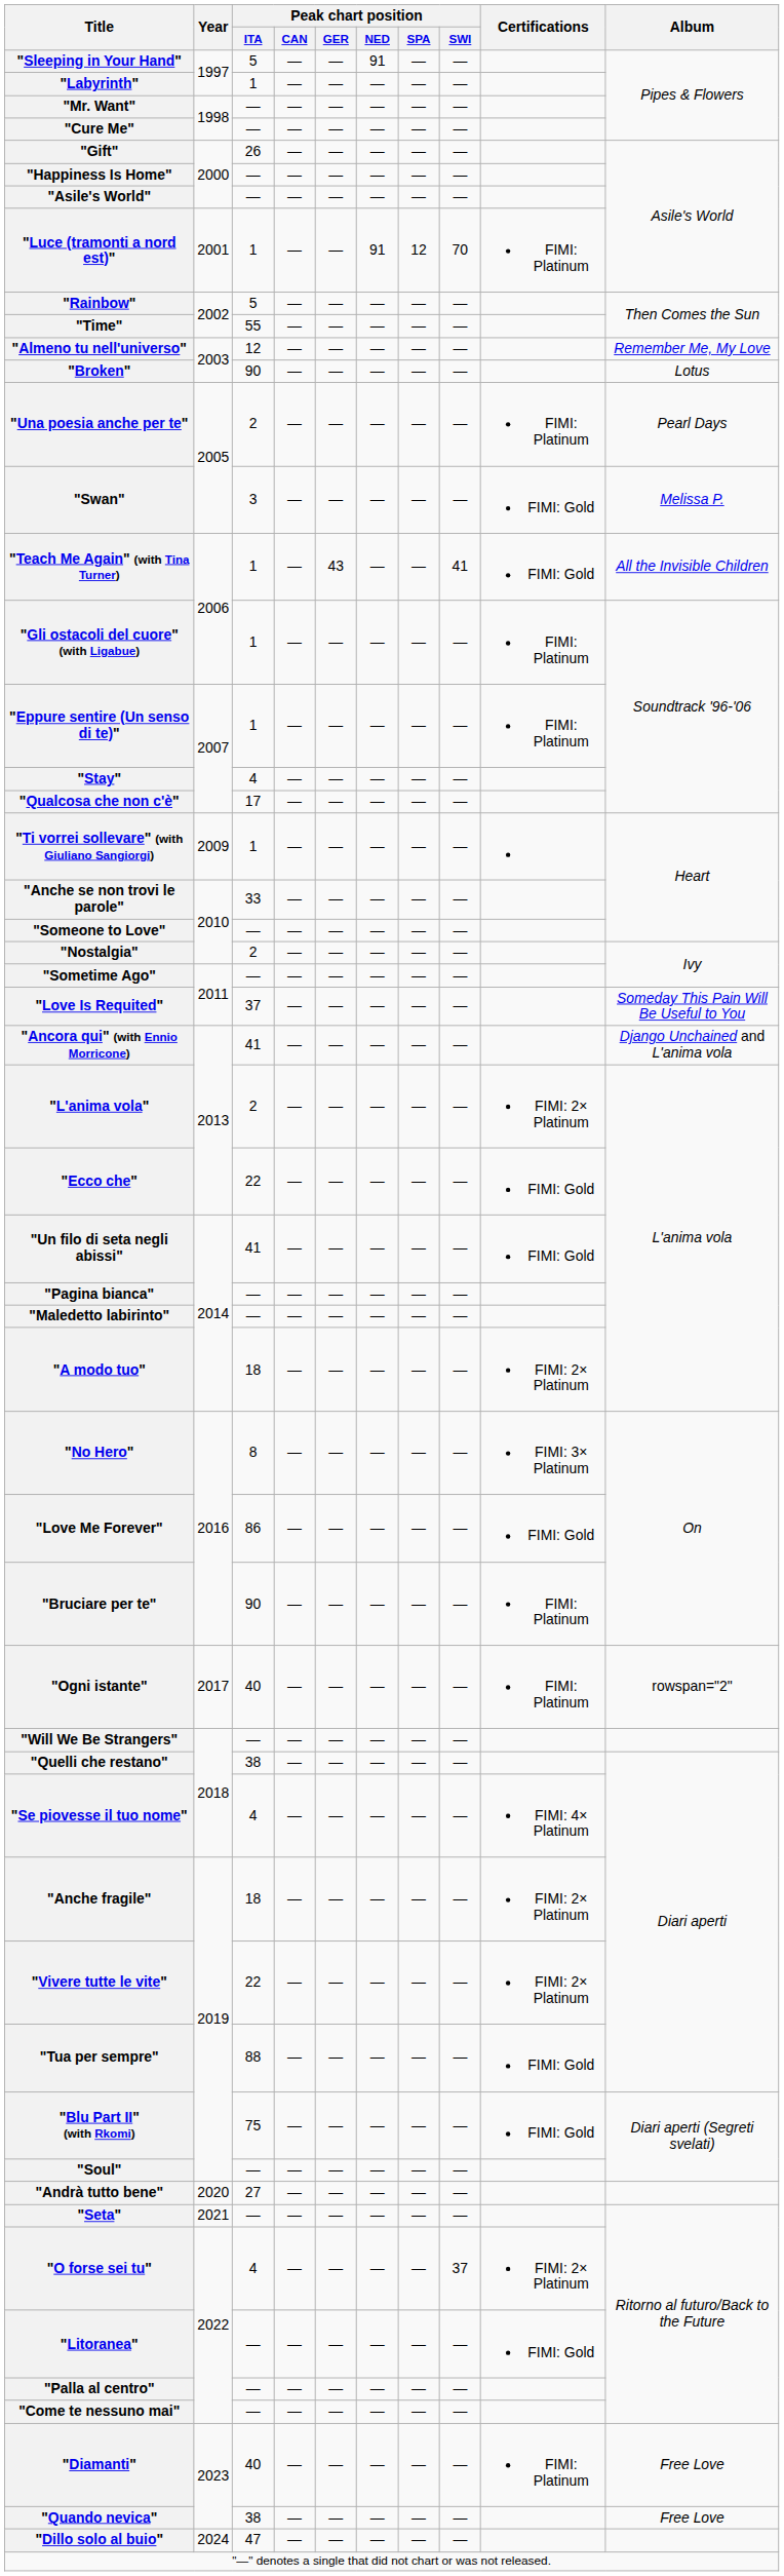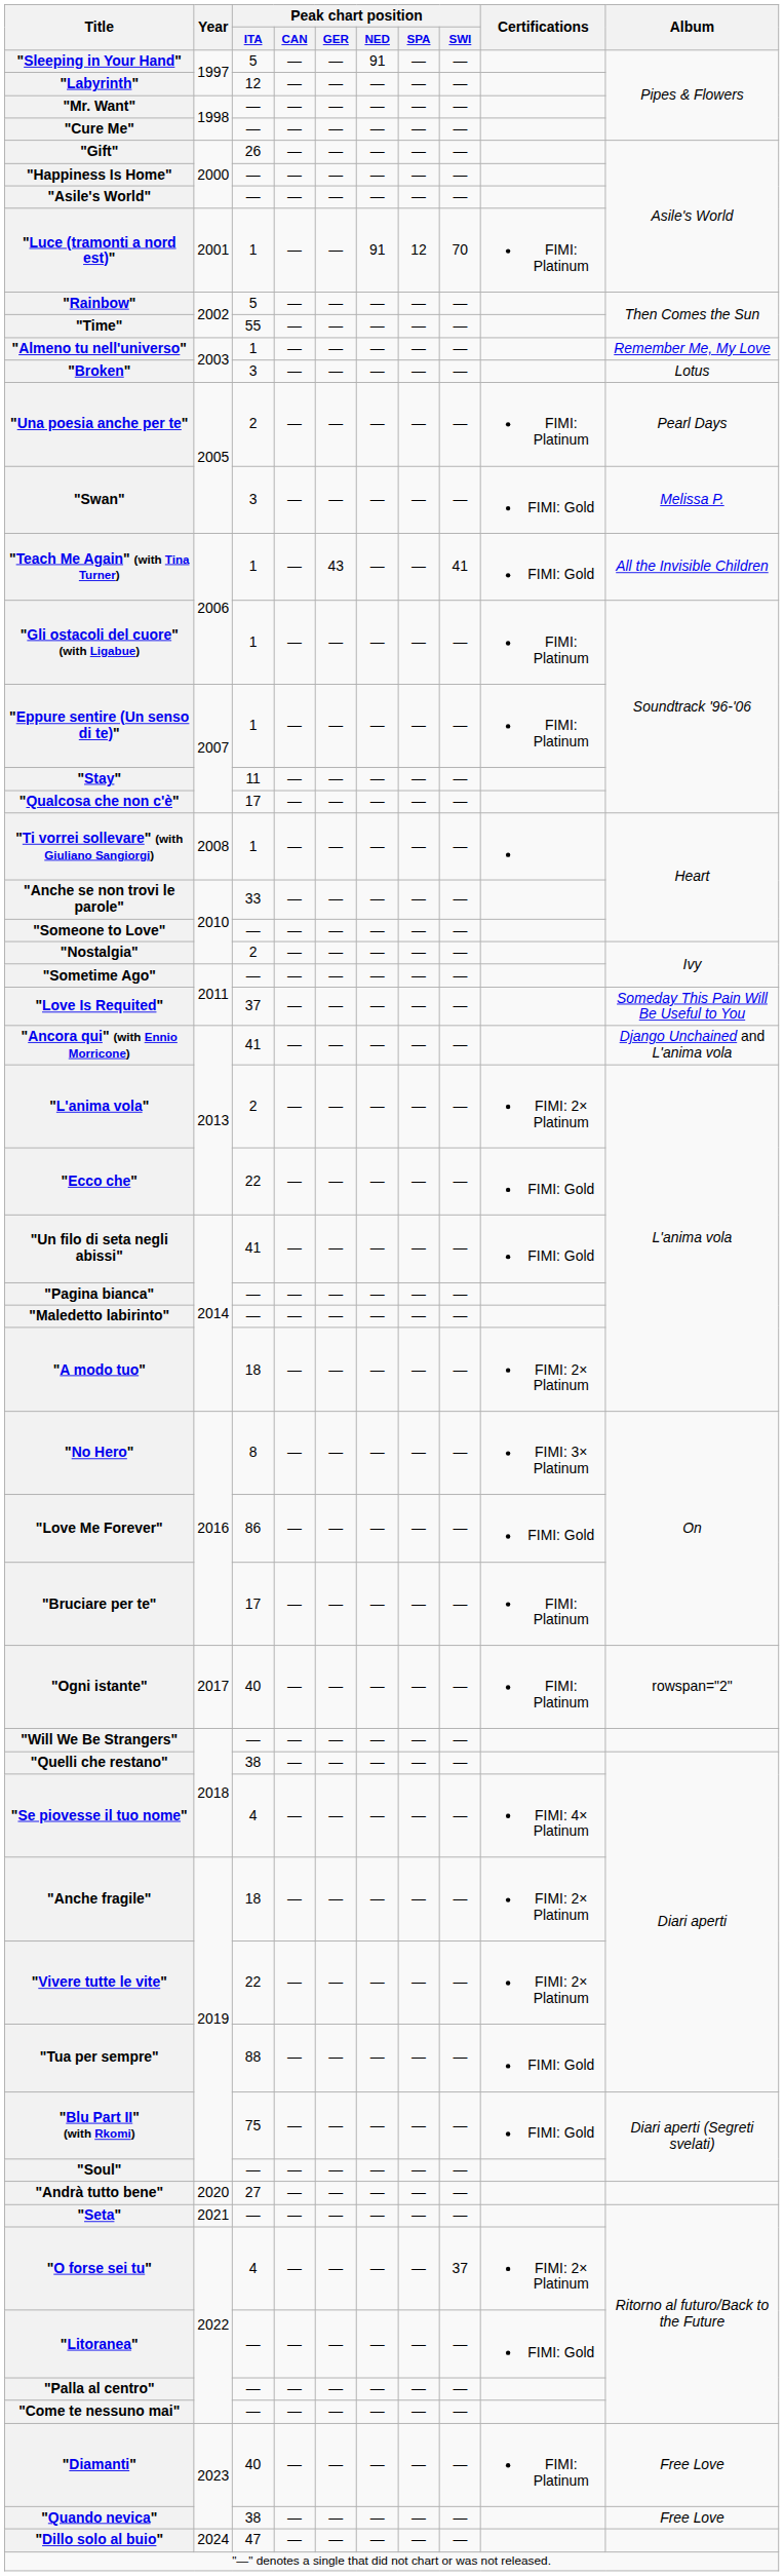 <table class="wikitable plainrowheaders" style="text-align:center;">
 <tr>
 <th rowspan="2">Title</th>
 <th rowspan="2">Year</th>
 <th colspan="6">Peak chart position</th>
 <th rowspan="2">Certifications</th>
 <th rowspan="2">Album</th>
 </tr>
 <tr>
 <th width="39"><small><a href='#'>ITA</a></small><br></th>
 <th width="39"><small><a href='#'>CAN</a></small></th>
 <th width="39"><small><a href='#'>GER</a></small></th>
 <th width="39"><small><a href='#'>NED</a></small></th>
 <th width="39"><small><a href='#'>SPA</a></small></th>
 <th width="39"><small><a href='#'>SWI</a></small></th>
 </tr>
 <tr>
 <th scope="row">"<a href='#'>Sleeping in Your Hand</a>"</th>
 <td rowspan="2">1997</td>
 <td>5</td>
 <td>—</td>
 <td>—</td>
 <td>91</td>
 <td>—</td>
 <td>—</td>
 <td></td>
 <td rowspan="4"><em>Pipes & Flowers</em></td>
 </tr>
 <tr>
 <th scope="row">"<a href='#'>Labyrinth</a>"</th>
-<td>1</td>
+<td>12</td>
 <td>—</td>
 <td>—</td>
 <td>—</td>
 <td>—</td>
 <td>—</td>
 <td></td>
 </tr>
 <tr>
 <th scope="row">"Mr. Want"</th>
 <td rowspan="2">1998</td>
 <td>—</td>
 <td>—</td>
 <td>—</td>
 <td>—</td>
 <td>—</td>
 <td>—</td>
 <td></td>
 </tr>
 <tr>
 <th scope="row">"Cure Me"</th>
 <td>—</td>
 <td>—</td>
 <td>—</td>
 <td>—</td>
 <td>—</td>
 <td>—</td>
 <td></td>
 </tr>
 <tr>
 <th scope="row">"Gift"</th>
 <td rowspan="3">2000</td>
 <td>26</td>
 <td>—</td>
 <td>—</td>
 <td>—</td>
 <td>—</td>
 <td>—</td>
 <td></td>
 <td rowspan="4"><em>Asile's World</em></td>
 </tr>
 <tr>
 <th scope="row">"Happiness Is Home"</th>
 <td>—</td>
 <td>—</td>
 <td>—</td>
 <td>—</td>
 <td>—</td>
 <td>—</td>
 <td></td>
 </tr>
 <tr>
 <th scope="row">"Asile's World"</th>
 <td>—</td>
 <td>—</td>
 <td>—</td>
 <td>—</td>
 <td>—</td>
 <td>—</td>
 <td></td>
 </tr>
 <tr>
 <th scope="row">"<a href='#'>Luce (tramonti a nord est)</a>"</th>
 <td>2001</td>
 <td>1</td>
 <td>—</td>
 <td>—</td>
 <td>91</td>
 <td>12</td>
 <td>70</td>
 <td><br><ul><li>FIMI: Platinum</li></ul></td>
 </tr>
 <tr>
 <th scope="row">"<a href='#'>Rainbow</a>"</th>
 <td rowspan="2">2002</td>
 <td>5</td>
 <td>—</td>
 <td>—</td>
 <td>—</td>
 <td>—</td>
 <td>—</td>
 <td></td>
 <td rowspan="2"><em>Then Comes the Sun</em></td>
 </tr>
 <tr>
 <th scope="row">"Time"</th>
 <td>55</td>
 <td>—</td>
 <td>—</td>
 <td>—</td>
 <td>—</td>
 <td>—</td>
 <td></td>
 </tr>
 <tr>
 <th scope="row">"<a href='#'>Almeno tu nell'universo</a>"</th>
 <td rowspan="2">2003</td>
-<td>12</td>
+<td>1</td>
 <td>—</td>
 <td>—</td>
 <td>—</td>
 <td>—</td>
 <td>—</td>
 <td></td>
 <td><em><a href='#'>Remember Me, My Love</a></em></td>
 </tr>
 <tr>
 <th scope="row">"<a href='#'>Broken</a>"</th>
-<td>90</td>
+<td>3</td>
 <td>—</td>
 <td>—</td>
 <td>—</td>
 <td>—</td>
 <td>—</td>
 <td></td>
 <td><em>Lotus</em></td>
 </tr>
 <tr>
 <th scope="row">"<a href='#'>Una poesia anche per te</a>"</th>
 <td rowspan="2">2005</td>
 <td>2</td>
 <td>—</td>
 <td>—</td>
 <td>—</td>
 <td>—</td>
 <td>—</td>
 <td><br><ul><li>FIMI: Platinum</li></ul></td>
 <td><em>Pearl Days</em></td>
 </tr>
 <tr>
 <th scope="row">"Swan"</th>
 <td>3</td>
 <td>—</td>
 <td>—</td>
 <td>—</td>
 <td>—</td>
 <td>—</td>
 <td><br><ul><li>FIMI: Gold</li></ul></td>
 <td><em><a href='#'>Melissa P.</a></em></td>
 </tr>
 <tr>
 <th scope="row">"<a href='#'>Teach Me Again</a>" <small>(with <a href='#'>Tina Turner</a>)</small></th>
 <td rowspan="2">2006</td>
 <td>1</td>
 <td>—</td>
 <td>43</td>
 <td>—</td>
 <td>—</td>
 <td>41</td>
 <td><br><ul><li>FIMI: Gold</li></ul></td>
 <td><em><a href='#'>All the Invisible Children</a></em></td>
 </tr>
 <tr>
 <th scope="row">"<a href='#'>Gli ostacoli del cuore</a>" <small>(with <a href='#'>Ligabue</a>)</small></th>
 <td>1</td>
 <td>—</td>
 <td>—</td>
 <td>—</td>
 <td>—</td>
 <td>—</td>
 <td><br><ul><li>FIMI: Platinum</li></ul></td>
 <td rowspan="4"><em>Soundtrack '96-'06</em></td>
 </tr>
 <tr>
 <th scope="row">"<a href='#'>Eppure sentire (Un senso di te)</a>"</th>
 <td rowspan="3">2007</td>
 <td>1</td>
 <td>—</td>
 <td>—</td>
 <td>—</td>
 <td>—</td>
 <td>—</td>
 <td><br><ul><li>FIMI: Platinum</li></ul></td>
 </tr>
 <tr>
 <th scope="row">"<a href='#'>Stay</a>"</th>
-<td>4</td>
+<td>11</td>
 <td>—</td>
 <td>—</td>
 <td>—</td>
 <td>—</td>
 <td>—</td>
 <td></td>
 </tr>
 <tr>
 <th scope="row">"<a href='#'>Qualcosa che non c'è</a>"</th>
 <td>17</td>
 <td>—</td>
 <td>—</td>
 <td>—</td>
 <td>—</td>
 <td>—</td>
 <td></td>
 </tr>
 <tr>
 <th scope="row">"<a href='#'>Ti vorrei sollevare</a>" <small>(with <a href='#'>Giuliano Sangiorgi</a>)</small></th>
-<td>2009</td>
+<td>2008</td>
 <td>1</td>
 <td>—</td>
 <td>—</td>
 <td>—</td>
 <td>—</td>
 <td>—</td>
 <td><br><ul><li></li></ul></td>
 <td rowspan="3"><em>Heart</em></td>
 </tr>
 <tr>
 <th scope="row">"Anche se non trovi le parole"</th>
 <td rowspan="3">2010</td>
 <td>33</td>
 <td>—</td>
 <td>—</td>
 <td>—</td>
 <td>—</td>
 <td>—</td>
 <td></td>
 </tr>
 <tr>
 <th scope="row">"Someone to Love"</th>
 <td>—</td>
 <td>—</td>
 <td>—</td>
 <td>—</td>
 <td>—</td>
 <td>—</td>
 <td></td>
 </tr>
 <tr>
 <th scope="row">"Nostalgia"</th>
 <td>2</td>
 <td>—</td>
 <td>—</td>
 <td>—</td>
 <td>—</td>
 <td>—</td>
 <td></td>
 <td rowspan="2"><em>Ivy</em></td>
 </tr>
 <tr>
 <th scope="row">"Sometime Ago"</th>
 <td rowspan="2">2011</td>
 <td>—</td>
 <td>—</td>
 <td>—</td>
 <td>—</td>
 <td>—</td>
 <td>—</td>
 <td></td>
 </tr>
 <tr>
 <th scope="row">"<a href='#'>Love Is Requited</a>"</th>
 <td>37</td>
 <td>—</td>
 <td>—</td>
 <td>—</td>
 <td>—</td>
 <td>—</td>
 <td></td>
 <td><em><a href='#'>Someday This Pain Will Be Useful to You</a></em></td>
 </tr>
 <tr>
 <th scope="row">"<a href='#'>Ancora qui</a>" <small>(with <a href='#'>Ennio Morricone</a>)</small></th>
 <td rowspan="3">2013</td>
 <td>41</td>
 <td>—</td>
 <td>—</td>
 <td>—</td>
 <td>—</td>
 <td>—</td>
 <td></td>
 <td><em><a href='#'>Django Unchained</a></em> and <em>L'anima vola</em></td>
 </tr>
 <tr>
 <th scope="row">"<a href='#'>L'anima vola</a>"</th>
 <td>2</td>
 <td>—</td>
 <td>—</td>
 <td>—</td>
 <td>—</td>
 <td>—</td>
 <td><br><ul><li>FIMI: 2× Platinum</li></ul></td>
 <td rowspan="6"><em>L'anima vola</em></td>
 </tr>
 <tr>
 <th scope="row">"<a href='#'>Ecco che</a>"</th>
 <td>22</td>
 <td>—</td>
 <td>—</td>
 <td>—</td>
 <td>—</td>
 <td>—</td>
 <td><br><ul><li>FIMI: Gold</li></ul></td>
 </tr>
 <tr>
 <th scope="row">"Un filo di seta negli abissi"</th>
 <td rowspan="4">2014</td>
 <td>41</td>
 <td>—</td>
 <td>—</td>
 <td>—</td>
 <td>—</td>
 <td>—</td>
 <td><br><ul><li>FIMI: Gold</li></ul></td>
 </tr>
 <tr>
 <th scope="row">"Pagina bianca"</th>
 <td>—</td>
 <td>—</td>
 <td>—</td>
 <td>—</td>
 <td>—</td>
 <td>—</td>
 <td></td>
 </tr>
 <tr>
 <th scope="row">"Maledetto labirinto"</th>
 <td>—</td>
 <td>—</td>
 <td>—</td>
 <td>—</td>
 <td>—</td>
 <td>—</td>
 <td></td>
 </tr>
 <tr>
 <th scope="row">"<a href='#'>A modo tuo</a>"</th>
 <td>18</td>
 <td>—</td>
 <td>—</td>
 <td>—</td>
 <td>—</td>
 <td>—</td>
 <td><br><ul><li>FIMI: 2× Platinum</li></ul></td>
 </tr>
 <tr>
 <th scope="row">"<a href='#'>No Hero</a>"</th>
 <td rowspan="3">2016</td>
 <td>8</td>
 <td>—</td>
 <td>—</td>
 <td>—</td>
 <td>—</td>
 <td>—</td>
 <td><br><ul><li>FIMI: 3× Platinum</li></ul></td>
 <td rowspan="3"><em>On</em></td>
 </tr>
 <tr>
 <th scope="row">"Love Me Forever"</th>
 <td>86</td>
 <td>—</td>
 <td>—</td>
 <td>—</td>
 <td>—</td>
 <td>—</td>
 <td><br><ul><li>FIMI: Gold</li></ul></td>
 </tr>
 <tr>
 <th scope="row">"Bruciare per te"</th>
-<td>90</td>
+<td>17</td>
 <td>—</td>
 <td>—</td>
 <td>—</td>
 <td>—</td>
 <td>—</td>
 <td><br><ul><li>FIMI: Platinum</li></ul></td>
 </tr>
 <tr>
 <th scope="row">"Ogni istante"</th>
 <td>2017</td>
 <td>40<br></td>
 <td>—</td>
 <td>—</td>
 <td>—</td>
 <td>—</td>
 <td>—</td>
 <td><br><ul><li>FIMI: Platinum</li></ul></td>
 <td>rowspan="2" </td>
 </tr>
 <tr>
 <th scope="row">"Will We Be Strangers"</th>
 <td rowspan="3">2018</td>
 <td>—</td>
 <td>—</td>
 <td>—</td>
 <td>—</td>
 <td>—</td>
 <td>—</td>
 <td></td>
 </tr>
 <tr>
 <th scope="row">"Quelli che restano"<br></th>
 <td>38</td>
 <td>—</td>
 <td>—</td>
 <td>—</td>
 <td>—</td>
 <td>—</td>
 <td></td>
 <td rowspan="5"><em>Diari aperti</em></td>
 </tr>
 <tr>
 <th scope="row">"<a href='#'>Se piovesse il tuo nome</a>"<br></th>
 <td>4</td>
 <td>—</td>
 <td>—</td>
 <td>—</td>
 <td>—</td>
 <td>—</td>
 <td><br><ul><li>FIMI: 4× Platinum</li></ul></td>
 </tr>
 <tr>
 <th scope="row">"Anche fragile"</th>
 <td rowspan="5">2019</td>
 <td>18</td>
 <td>—</td>
 <td>—</td>
 <td>—</td>
 <td>—</td>
 <td>—</td>
 <td><br><ul><li>FIMI: 2× Platinum</li></ul></td>
 </tr>
 <tr>
 <th scope="row">"<a href='#'>Vivere tutte le vite</a>"<br></th>
 <td>22</td>
 <td>—</td>
 <td>—</td>
 <td>—</td>
 <td>—</td>
 <td>—</td>
 <td><br><ul><li>FIMI: 2× Platinum</li></ul></td>
 </tr>
 <tr>
 <th scope="row">"Tua per sempre"</th>
 <td>88</td>
 <td>—</td>
 <td>—</td>
 <td>—</td>
 <td>—</td>
 <td>—</td>
 <td><br><ul><li>FIMI: Gold</li></ul></td>
 </tr>
 <tr>
 <th scope="row">"<a href='#'>Blu Part II</a>"<br><small>(with <a href='#'>Rkomi</a>)</small></th>
 <td>75</td>
 <td>—</td>
 <td>—</td>
 <td>—</td>
 <td>—</td>
 <td>—</td>
 <td><br><ul><li>FIMI: Gold</li></ul></td>
 <td rowspan="2"><em>Diari aperti (Segreti svelati)</em></td>
 </tr>
 <tr>
 <th scope="row">"Soul"</th>
 <td>—</td>
 <td>—</td>
 <td>—</td>
 <td>—</td>
 <td>—</td>
 <td>—</td>
 <td></td>
 </tr>
 <tr>
 <th scope="row">"Andrà tutto bene"<br></th>
 <td>2020</td>
 <td>27</td>
 <td>—</td>
 <td>—</td>
 <td>—</td>
 <td>—</td>
 <td>—</td>
 <td></td>
 <td></td>
 </tr>
 <tr>
 <th scope="row">"<a href='#'>Seta</a>"</th>
 <td>2021</td>
 <td>—</td>
 <td>—</td>
 <td>—</td>
 <td>—</td>
 <td>—</td>
 <td>—</td>
 <td></td>
 <td rowspan="5"><em>Ritorno al futuro/Back to the Future</em></td>
 </tr>
 <tr>
 <th scope="row">"<a href='#'>O forse sei tu</a>"</th>
 <td rowspan="4">2022</td>
 <td>4</td>
 <td>—</td>
 <td>—</td>
 <td>—</td>
 <td>—</td>
 <td>37</td>
 <td><br><ul><li>FIMI: 2× Platinum</li></ul></td>
 </tr>
 <tr>
 <th scope="row">"<a href='#'>Litoranea</a>"<br></th>
 <td>—</td>
 <td>—</td>
 <td>—</td>
 <td>—</td>
 <td>—</td>
 <td>—</td>
 <td><br><ul><li>FIMI: Gold</li></ul></td>
 </tr>
 <tr>
 <th scope="row">"Palla al centro"<br></th>
 <td>—</td>
 <td>—</td>
 <td>—</td>
 <td>—</td>
 <td>—</td>
 <td>—</td>
 <td></td>
 </tr>
 <tr>
 <th scope="row">"Come te nessuno mai"</th>
 <td>—</td>
 <td>—</td>
 <td>—</td>
 <td>—</td>
 <td>—</td>
 <td>—</td>
 <td></td>
 </tr>
 <tr>
 <th scope="row">"<a href='#'>Diamanti</a>"<br></th>
 <td rowspan="2">2023</td>
 <td>40</td>
 <td>—</td>
 <td>—</td>
 <td>—</td>
 <td>—</td>
 <td>—</td>
 <td><br><ul><li>FIMI: Platinum</li></ul></td>
 <td><em>Free Love</em></td>
 </tr>
 <tr>
 <th scope="row">"<a href='#'>Quando nevica</a>"</th>
 <td>38</td>
 <td>—</td>
 <td>—</td>
 <td>—</td>
 <td>—</td>
 <td>—</td>
 <td></td>
 <td><em>Free Love</em></td>
 </tr>
 <tr>
 <th scope="row">"<a href='#'>Dillo solo al buio</a>"</th>
 <td>2024</td>
 <td>47<br></td>
 <td>—</td>
 <td>—</td>
 <td>—</td>
 <td>—</td>
 <td>—</td>
 <td></td>
 <td></td>
 </tr>
 <tr>
 <td colspan="20" style="font-size:85%;">"—" denotes a single that did not chart or was not released.</td>
 </tr>
 </table>
